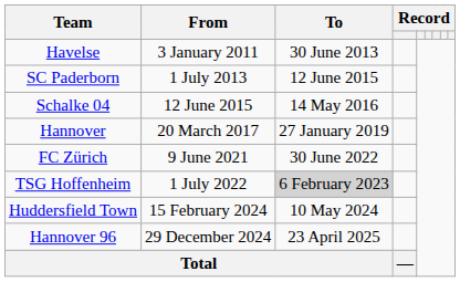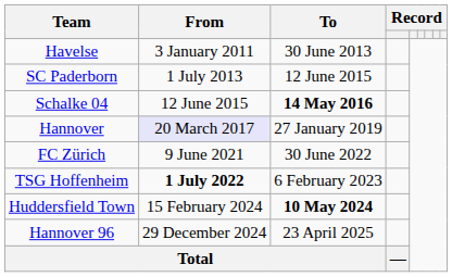 <table class="wikitable" style="text-align: center">
 <tr>
 <th rowspan="2">Team</th>
 <th rowspan="2">From</th>
 <th rowspan="2">To</th>
 <th colspan="6">Record</th>
 </tr>
 <tr>
 <th></th>
 <th></th>
 <th></th>
 <th></th>
 <th></th>
 <th></th>
 </tr>
 <tr>
 <td><a href='#'>Havelse</a></td>
 <td>3 January 2011</td>
 <td>30 June 2013<br></td>
 <td></td>
 </tr>
 <tr>
 <td><a href='#'>SC Paderborn</a></td>
 <td>1 July 2013</td>
 <td>12 June 2015<br></td>
 <td></td>
 </tr>
 <tr>
 <td><a href='#'>Schalke 04</a></td>
 <td>12 June 2015</td>
-<td>14 May 2016<br></td>
+<td><strong>14 May 2016<br></strong></td>
 <td></td>
 </tr>
 <tr>
 <td><a href='#'>Hannover</a></td>
-<td>20 March 2017</td>
+<td style="background: lavender;">20 March 2017</td>
 <td>27 January 2019<br></td>
 <td></td>
 </tr>
 <tr>
 <td><a href='#'>FC Zürich</a></td>
 <td>9 June 2021</td>
 <td>30 June 2022<br></td>
 <td></td>
 </tr>
 <tr>
 <td><a href='#'>TSG Hoffenheim</a></td>
-<td>1 July 2022</td>
-<td style="background: lightgrey;">6 February 2023<br></td>
+<td><strong>1 July 2022</strong></td>
+<td>6 February 2023<br></td>
 <td></td>
 </tr>
 <tr>
 <td><a href='#'>Huddersfield Town</a></td>
 <td>15 February 2024</td>
-<td>10 May 2024<br></td>
+<td><strong>10 May 2024<br></strong></td>
 <td></td>
 </tr>
 <tr>
 <td><a href='#'>Hannover 96</a></td>
 <td>29 December 2024</td>
 <td>23 April 2025<br></td>
 <td></td>
 </tr>
 <tr>
 <th colspan="3">Total<br></th>
 <th>—</th>
 </tr>
 </table>
